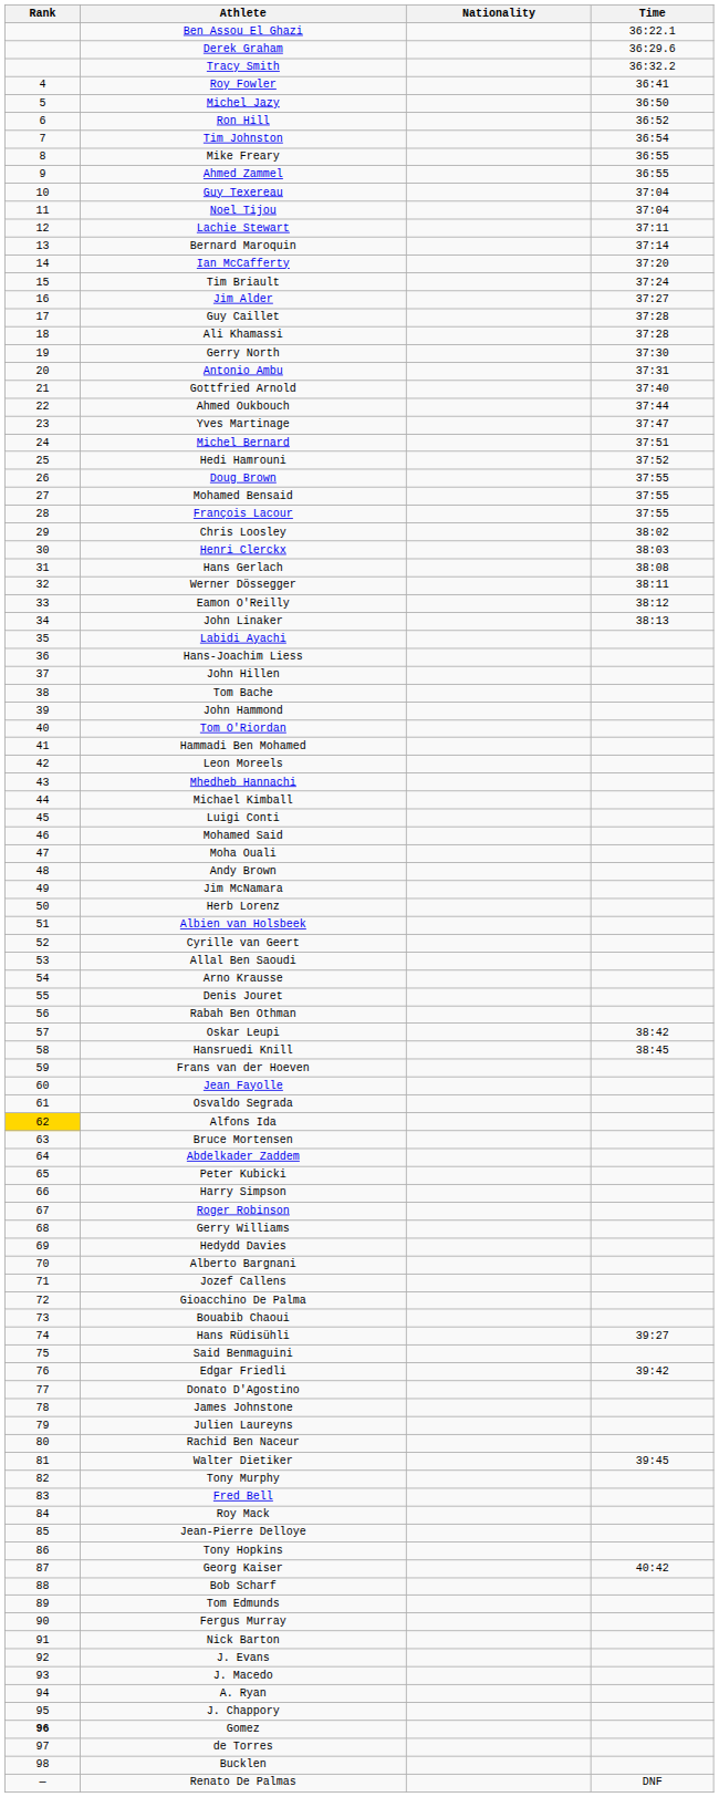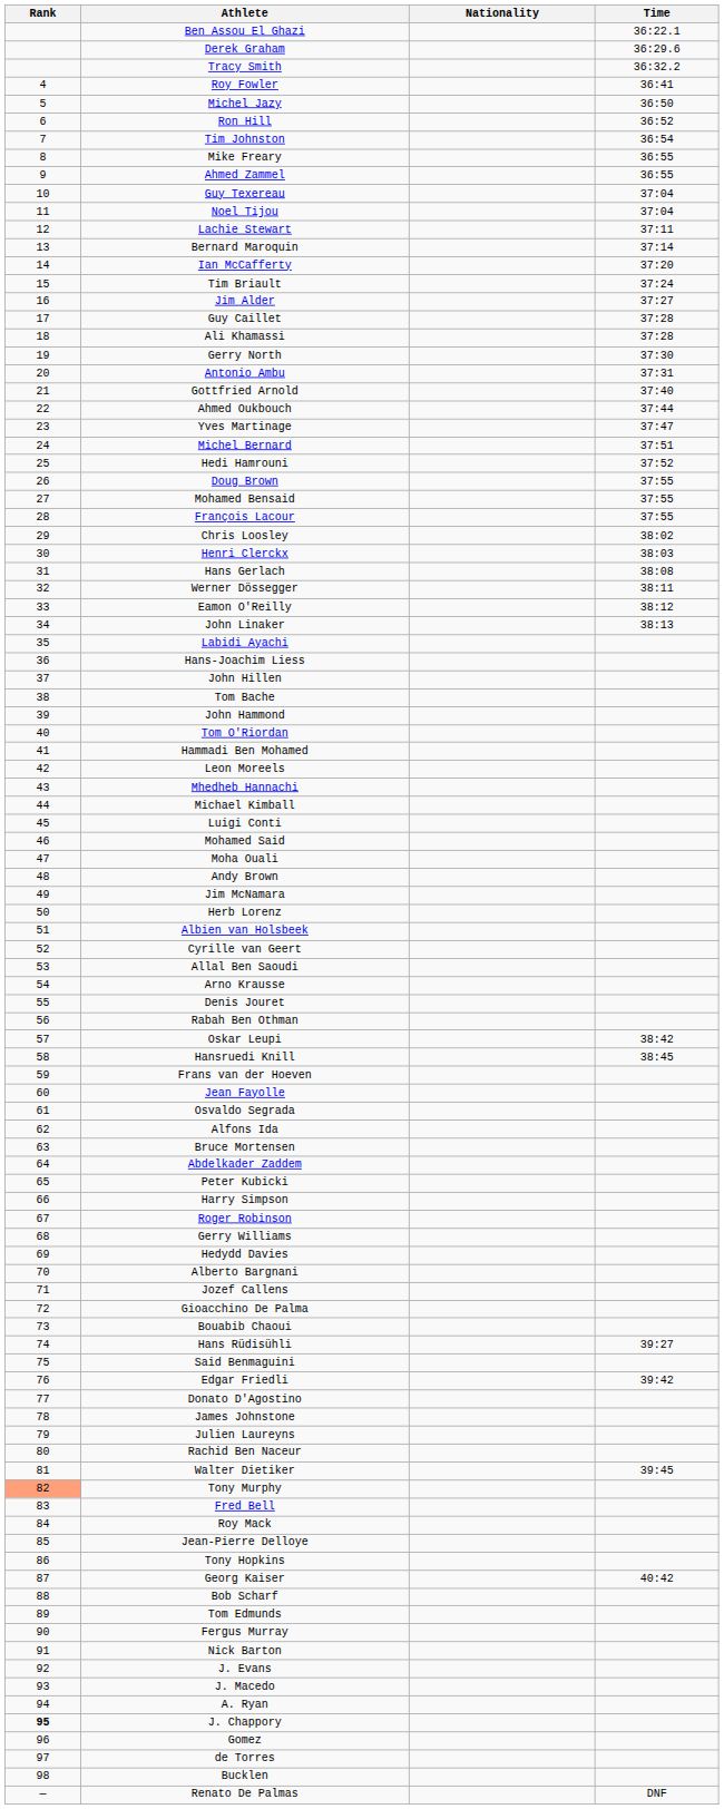 <table class="wikitable sortable" style=" text-align:center; font-size:95%;" width="50%">
 <tr>
 <th>Rank</th>
 <th>Athlete</th>
 <th>Nationality</th>
 <th>Time</th>
 </tr>
 <tr>
 <td align=center></td>
 <td><a href='#'>Ben Assou El Ghazi</a></td>
 <td></td>
 <td>36:22.1</td>
 </tr>
 <tr>
 <td align=center></td>
 <td><a href='#'>Derek Graham</a></td>
 <td></td>
 <td>36:29.6</td>
 </tr>
 <tr>
 <td align=center></td>
 <td><a href='#'>Tracy Smith</a></td>
 <td></td>
 <td>36:32.2</td>
 </tr>
 <tr>
 <td align=center>4</td>
 <td><a href='#'>Roy Fowler</a></td>
 <td></td>
 <td>36:41</td>
 </tr>
 <tr>
 <td align=center>5</td>
 <td><a href='#'>Michel Jazy</a></td>
 <td></td>
 <td>36:50</td>
 </tr>
 <tr>
 <td align=center>6</td>
 <td><a href='#'>Ron Hill</a></td>
 <td></td>
 <td>36:52</td>
 </tr>
 <tr>
 <td align=center>7</td>
 <td><a href='#'>Tim Johnston</a></td>
 <td></td>
 <td>36:54</td>
 </tr>
 <tr>
 <td align=center>8</td>
 <td>Mike Freary</td>
 <td></td>
 <td>36:55</td>
 </tr>
 <tr>
 <td align=center>9</td>
 <td><a href='#'>Ahmed Zammel</a></td>
 <td></td>
 <td>36:55</td>
 </tr>
 <tr>
 <td align=center>10</td>
 <td><a href='#'>Guy Texereau</a></td>
 <td></td>
 <td>37:04</td>
 </tr>
 <tr>
 <td align=center>11</td>
 <td><a href='#'>Noel Tijou</a></td>
 <td></td>
 <td>37:04</td>
 </tr>
 <tr>
 <td align=center>12</td>
 <td><a href='#'>Lachie Stewart</a></td>
 <td></td>
 <td>37:11</td>
 </tr>
 <tr>
 <td align=center>13</td>
 <td>Bernard Maroquin</td>
 <td></td>
 <td>37:14</td>
 </tr>
 <tr>
 <td align=center>14</td>
 <td><a href='#'>Ian McCafferty</a></td>
 <td></td>
 <td>37:20</td>
 </tr>
 <tr>
 <td align=center>15</td>
 <td>Tim Briault</td>
 <td></td>
 <td>37:24</td>
 </tr>
 <tr>
 <td align=center>16</td>
 <td><a href='#'>Jim Alder</a></td>
 <td></td>
 <td>37:27</td>
 </tr>
 <tr>
 <td align=center>17</td>
 <td>Guy Caillet</td>
 <td></td>
 <td>37:28</td>
 </tr>
 <tr>
 <td align=center>18</td>
 <td>Ali Khamassi</td>
 <td></td>
 <td>37:28</td>
 </tr>
 <tr>
 <td align=center>19</td>
 <td>Gerry North</td>
 <td></td>
 <td>37:30</td>
 </tr>
 <tr>
 <td align=center>20</td>
 <td><a href='#'>Antonio Ambu</a></td>
 <td></td>
 <td>37:31</td>
 </tr>
 <tr>
 <td align=center>21</td>
 <td>Gottfried Arnold</td>
 <td></td>
 <td>37:40</td>
 </tr>
 <tr>
 <td align=center>22</td>
 <td>Ahmed Oukbouch</td>
 <td></td>
 <td>37:44</td>
 </tr>
 <tr>
 <td align=center>23</td>
 <td>Yves Martinage</td>
 <td></td>
 <td>37:47</td>
 </tr>
 <tr>
 <td align=center>24</td>
 <td><a href='#'>Michel Bernard</a></td>
 <td></td>
 <td>37:51</td>
 </tr>
 <tr>
 <td align=center>25</td>
 <td>Hedi Hamrouni</td>
 <td></td>
 <td>37:52</td>
 </tr>
 <tr>
 <td align=center>26</td>
 <td><a href='#'>Doug Brown</a></td>
 <td></td>
 <td>37:55</td>
 </tr>
 <tr>
 <td align=center>27</td>
 <td>Mohamed Bensaid</td>
 <td></td>
 <td>37:55</td>
 </tr>
 <tr>
 <td align=center>28</td>
 <td><a href='#'>François Lacour</a></td>
 <td></td>
 <td>37:55</td>
 </tr>
 <tr>
 <td align=center>29</td>
 <td>Chris Loosley</td>
 <td></td>
 <td>38:02</td>
 </tr>
 <tr>
 <td align=center>30</td>
 <td><a href='#'>Henri Clerckx</a></td>
 <td></td>
 <td>38:03</td>
 </tr>
 <tr>
 <td align=center>31</td>
 <td>Hans Gerlach</td>
 <td></td>
 <td>38:08</td>
 </tr>
 <tr>
 <td align=center>32</td>
 <td>Werner Dössegger</td>
 <td></td>
 <td>38:11</td>
 </tr>
 <tr>
 <td align=center>33</td>
 <td>Eamon O'Reilly</td>
 <td></td>
 <td>38:12</td>
 </tr>
 <tr>
 <td align=center>34</td>
 <td>John Linaker</td>
 <td></td>
 <td>38:13</td>
 </tr>
 <tr>
 <td align=center>35</td>
 <td><a href='#'>Labidi Ayachi</a></td>
 <td></td>
 <td></td>
 </tr>
 <tr>
 <td align=center>36</td>
 <td>Hans-Joachim Liess</td>
 <td></td>
 <td></td>
 </tr>
 <tr>
 <td align=center>37</td>
 <td>John Hillen</td>
 <td></td>
 <td></td>
 </tr>
 <tr>
 <td align=center>38</td>
 <td>Tom Bache</td>
 <td></td>
 <td></td>
 </tr>
 <tr>
 <td align=center>39</td>
 <td>John Hammond</td>
 <td></td>
 <td></td>
 </tr>
 <tr>
 <td align=center>40</td>
 <td><a href='#'>Tom O'Riordan</a></td>
 <td></td>
 <td></td>
 </tr>
 <tr>
 <td align=center>41</td>
 <td>Hammadi Ben Mohamed</td>
 <td></td>
 <td></td>
 </tr>
 <tr>
 <td align=center>42</td>
 <td>Leon Moreels</td>
 <td></td>
 <td></td>
 </tr>
 <tr>
 <td align=center>43</td>
 <td><a href='#'>Mhedheb Hannachi</a></td>
 <td></td>
 <td></td>
 </tr>
 <tr>
 <td align=center>44</td>
 <td>Michael Kimball</td>
 <td></td>
 <td></td>
 </tr>
 <tr>
 <td align=center>45</td>
 <td>Luigi Conti</td>
 <td></td>
 <td></td>
 </tr>
 <tr>
 <td align=center>46</td>
 <td>Mohamed Said</td>
 <td></td>
 <td></td>
 </tr>
 <tr>
 <td align=center>47</td>
 <td>Moha Ouali</td>
 <td></td>
 <td></td>
 </tr>
 <tr>
 <td align=center>48</td>
 <td>Andy Brown</td>
 <td></td>
 <td></td>
 </tr>
 <tr>
 <td align=center>49</td>
 <td>Jim McNamara</td>
 <td></td>
 <td></td>
 </tr>
 <tr>
 <td align=center>50</td>
 <td>Herb Lorenz</td>
 <td></td>
 <td></td>
 </tr>
 <tr>
 <td align=center>51</td>
 <td><a href='#'>Albien van Holsbeek</a></td>
 <td></td>
 <td></td>
 </tr>
 <tr>
 <td align=center>52</td>
 <td>Cyrille van Geert</td>
 <td></td>
 <td></td>
 </tr>
 <tr>
 <td align=center>53</td>
 <td>Allal Ben Saoudi</td>
 <td></td>
 <td></td>
 </tr>
 <tr>
 <td align=center>54</td>
 <td>Arno Krausse</td>
 <td></td>
 <td></td>
 </tr>
 <tr>
 <td align=center>55</td>
 <td>Denis Jouret</td>
 <td></td>
 <td></td>
 </tr>
 <tr>
 <td align=center>56</td>
 <td>Rabah Ben Othman</td>
 <td></td>
 <td></td>
 </tr>
 <tr>
 <td align=center>57</td>
 <td>Oskar Leupi</td>
 <td></td>
 <td>38:42</td>
 </tr>
 <tr>
 <td align=center>58</td>
 <td>Hansruedi Knill</td>
 <td></td>
 <td>38:45</td>
 </tr>
 <tr>
 <td align=center>59</td>
 <td>Frans van der Hoeven</td>
 <td></td>
 <td></td>
 </tr>
 <tr>
 <td align=center>60</td>
 <td><a href='#'>Jean Fayolle</a></td>
 <td></td>
 <td></td>
 </tr>
 <tr>
 <td align=center>61</td>
 <td>Osvaldo Segrada</td>
 <td></td>
 <td></td>
 </tr>
 <tr>
-<td align=center style="background: gold;">62</td>
+<td align=center>62</td>
 <td>Alfons Ida</td>
 <td></td>
 <td></td>
 </tr>
 <tr>
 <td align=center>63</td>
 <td>Bruce Mortensen</td>
 <td></td>
 <td></td>
 </tr>
 <tr>
 <td align=center>64</td>
 <td><a href='#'>Abdelkader Zaddem</a></td>
 <td></td>
 <td></td>
 </tr>
 <tr>
 <td align=center>65</td>
 <td>Peter Kubicki</td>
 <td></td>
 <td></td>
 </tr>
 <tr>
 <td align=center>66</td>
 <td>Harry Simpson</td>
 <td></td>
 <td></td>
 </tr>
 <tr>
 <td align=center>67</td>
 <td><a href='#'>Roger Robinson</a></td>
 <td></td>
 <td></td>
 </tr>
 <tr>
 <td align=center>68</td>
 <td>Gerry Williams</td>
 <td></td>
 <td></td>
 </tr>
 <tr>
 <td align=center>69</td>
 <td>Hedydd Davies</td>
 <td></td>
 <td></td>
 </tr>
 <tr>
 <td align=center>70</td>
 <td>Alberto Bargnani</td>
 <td></td>
 <td></td>
 </tr>
 <tr>
 <td align=center>71</td>
 <td>Jozef Callens</td>
 <td></td>
 <td></td>
 </tr>
 <tr>
 <td align=center>72</td>
 <td>Gioacchino De Palma</td>
 <td></td>
 <td></td>
 </tr>
 <tr>
 <td align=center>73</td>
 <td>Bouabib Chaoui</td>
 <td></td>
 <td></td>
 </tr>
 <tr>
 <td align=center>74</td>
 <td>Hans Rüdisühli</td>
 <td></td>
 <td>39:27</td>
 </tr>
 <tr>
 <td align=center>75</td>
 <td>Said Benmaguini</td>
 <td></td>
 <td></td>
 </tr>
 <tr>
 <td align=center>76</td>
 <td>Edgar Friedli</td>
 <td></td>
 <td>39:42</td>
 </tr>
 <tr>
 <td align=center>77</td>
 <td>Donato D'Agostino</td>
 <td></td>
 <td></td>
 </tr>
 <tr>
 <td align=center>78</td>
 <td>James Johnstone</td>
 <td></td>
 <td></td>
 </tr>
 <tr>
 <td align=center>79</td>
 <td>Julien Laureyns</td>
 <td></td>
 <td></td>
 </tr>
 <tr>
 <td align=center>80</td>
 <td>Rachid Ben Naceur</td>
 <td></td>
 <td></td>
 </tr>
 <tr>
 <td align=center>81</td>
 <td>Walter Dietiker</td>
 <td></td>
 <td>39:45</td>
 </tr>
 <tr>
-<td align=center>82</td>
+<td align=center style="background: lightsalmon;">82</td>
 <td>Tony Murphy</td>
 <td></td>
 <td></td>
 </tr>
 <tr>
 <td align=center>83</td>
 <td><a href='#'>Fred Bell</a></td>
 <td></td>
 <td></td>
 </tr>
 <tr>
 <td align=center>84</td>
 <td>Roy Mack</td>
 <td></td>
 <td></td>
 </tr>
 <tr>
 <td align=center>85</td>
 <td>Jean-Pierre Delloye</td>
 <td></td>
 <td></td>
 </tr>
 <tr>
 <td align=center>86</td>
 <td>Tony Hopkins</td>
 <td></td>
 <td></td>
 </tr>
 <tr>
 <td align=center>87</td>
 <td>Georg Kaiser</td>
 <td></td>
 <td>40:42</td>
 </tr>
 <tr>
 <td align=center>88</td>
 <td>Bob Scharf</td>
 <td></td>
 <td></td>
 </tr>
 <tr>
 <td align=center>89</td>
 <td>Tom Edmunds</td>
 <td></td>
 <td></td>
 </tr>
 <tr>
 <td align=center>90</td>
 <td>Fergus Murray</td>
 <td></td>
 <td></td>
 </tr>
 <tr>
 <td align=center>91</td>
 <td>Nick Barton</td>
 <td></td>
 <td></td>
 </tr>
 <tr>
 <td align=center>92</td>
 <td>J. Evans</td>
 <td></td>
 <td></td>
 </tr>
 <tr>
 <td align=center>93</td>
 <td>J. Macedo</td>
 <td></td>
 <td></td>
 </tr>
 <tr>
 <td align=center>94</td>
 <td>A. Ryan</td>
 <td></td>
 <td></td>
 </tr>
 <tr>
-<td align=center>95</td>
+<td align=center><strong>95</strong></td>
 <td>J. Chappory</td>
 <td></td>
 <td></td>
 </tr>
 <tr>
-<td align=center><strong>96</strong></td>
+<td align=center>96</td>
 <td>Gomez</td>
 <td></td>
 <td></td>
 </tr>
 <tr>
 <td align=center>97</td>
 <td>de Torres</td>
 <td></td>
 <td></td>
 </tr>
 <tr>
 <td align=center>98</td>
 <td>Bucklen</td>
 <td></td>
 <td></td>
 </tr>
 <tr>
 <td align=center>—</td>
 <td>Renato De Palmas</td>
 <td></td>
 <td>DNF</td>
 </tr>
 </table>
